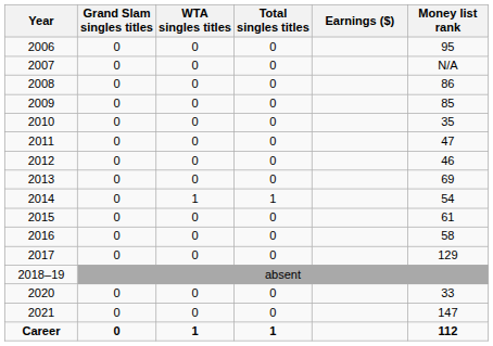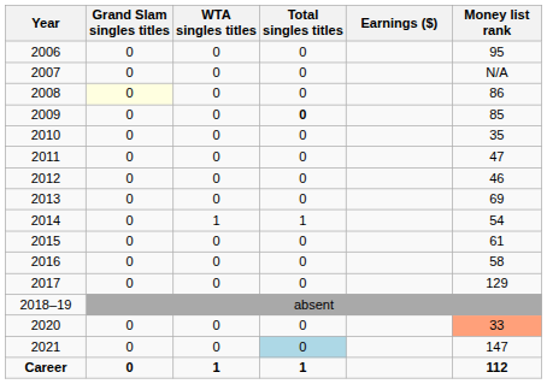 <table class="wikitable" style="text-align:center;">
 <tr>
 <th width="90">Year</th>
 <th>Grand Slam<br>singles titles</th>
 <th>WTA <br>singles titles</th>
 <th>Total<br>singles titles</th>
 <th width="120">Earnings ($)</th>
 <th width="100">Money list rank</th>
 </tr>
 <tr>
 <td>2006</td>
 <td>0</td>
 <td>0</td>
 <td>0</td>
 <td style="text-align:right"></td>
 <td>95</td>
 </tr>
 <tr>
 <td>2007</td>
 <td>0</td>
 <td>0</td>
 <td>0</td>
 <td style="text-align:right"></td>
 <td>N/A</td>
 </tr>
 <tr>
 <td>2008</td>
-<td>0</td>
+<td style="background: lightyellow;">0</td>
 <td>0</td>
 <td>0</td>
 <td style="text-align:right"></td>
 <td>86</td>
 </tr>
 <tr>
 <td>2009</td>
 <td>0</td>
 <td>0</td>
-<td>0</td>
+<td><strong>0</strong></td>
 <td style="text-align:right"></td>
 <td>85</td>
 </tr>
 <tr>
 <td>2010</td>
 <td>0</td>
 <td>0</td>
 <td>0</td>
 <td style="text-align:right"></td>
 <td>35</td>
 </tr>
 <tr>
 <td>2011</td>
 <td>0</td>
 <td>0</td>
 <td>0</td>
 <td style="text-align:right"></td>
 <td>47</td>
 </tr>
 <tr>
 <td>2012</td>
 <td>0</td>
 <td>0</td>
 <td>0</td>
 <td style="text-align:right"></td>
 <td>46</td>
 </tr>
 <tr>
 <td>2013</td>
 <td>0</td>
 <td>0</td>
 <td>0</td>
 <td style="text-align:right"></td>
 <td>69</td>
 </tr>
 <tr>
 <td>2014</td>
 <td>0</td>
 <td>1</td>
 <td>1</td>
 <td style="text-align:right"></td>
 <td>54</td>
 </tr>
 <tr>
 <td>2015</td>
 <td>0</td>
 <td>0</td>
 <td>0</td>
 <td style="text-align:right"></td>
 <td>61</td>
 </tr>
 <tr>
 <td>2016</td>
 <td>0</td>
 <td>0</td>
 <td>0</td>
 <td style="text-align:right"></td>
 <td>58</td>
 </tr>
 <tr>
 <td>2017</td>
 <td>0</td>
 <td>0</td>
 <td>0</td>
 <td style="text-align:right"></td>
 <td>129</td>
 </tr>
 <tr>
 <td>2018–19</td>
 <td colspan="5" style="background:darkgray; text-align:center;">absent</td>
 </tr>
 <tr>
 <td>2020</td>
 <td>0</td>
 <td>0</td>
 <td>0</td>
 <td style="text-align:right"></td>
-<td>33</td>
+<td style="background: lightsalmon;">33</td>
 </tr>
 <tr>
 <td>2021</td>
 <td>0</td>
 <td>0</td>
-<td>0</td>
+<td style="background: lightblue;">0</td>
 <td style="text-align:right"></td>
 <td>147</td>
 </tr>
 <tr style="font-weight:bold;">
 <td>Career</td>
 <td>0</td>
 <td>1</td>
 <td>1</td>
 <td style="text-align:right"></td>
 <td>112</td>
 </tr>
 </table>
